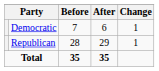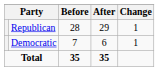 <table class="wikitable" style="text-align:center;">
 <tr>
 </tr>
 <tr>
 <th colspan=2>Party</th>
 <th>Before</th>
 <th>After</th>
 <th>Change</th>
 </tr>
 <tr>
 <th style="background-color:"></th>
-<td style="text-align:left;"><a href='#'>Democratic</a></td>
-<td>7</td>
-<td>6</td>
+<td style="text-align:left;"><a href='#'>Republican</a></td>
+<td>28</td>
+<td>29</td>
 <td> 1</td>
 </tr>
 <tr>
 <th style="background-color:"></th>
-<td style="text-align:left;"><a href='#'>Republican</a></td>
-<td>28</td>
-<td>29</td>
+<td style="text-align:left;"><a href='#'>Democratic</a></td>
+<td>7</td>
+<td>6</td>
 <td> 1</td>
 </tr>
 <tr>
 <td colspan=2><strong>Total</strong></td>
 <td><strong>35</strong></td>
 <td><strong>35</strong></td>
 <td></td>
 </tr>
 </table>
